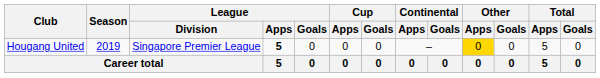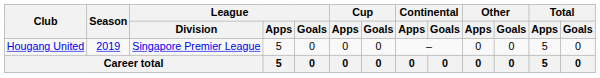 <table class="wikitable" style="text-align: center">
 <tr>
 <th rowspan="2">Club</th>
 <th rowspan="2">Season</th>
 <th colspan="3">League</th>
 <th colspan="2">Cup</th>
 <th colspan="2">Continental</th>
 <th colspan="2">Other</th>
 <th colspan="2">Total</th>
 </tr>
 <tr>
 <th>Division</th>
 <th>Apps</th>
 <th>Goals</th>
 <th>Apps</th>
 <th>Goals</th>
 <th>Apps</th>
 <th>Goals</th>
 <th>Apps</th>
 <th>Goals</th>
 <th>Apps</th>
 <th>Goals</th>
 </tr>
 <tr>
 <td><a href='#'>Hougang United</a></td>
 <td><a href='#'>2019</a></td>
 <td><a href='#'>Singapore Premier League</a></td>
-<td><strong>5</strong></td>
+<td>5</td>
 <td>0</td>
 <td>0</td>
 <td>0</td>
 <td colspan="2">–</td>
-<td style="background: gold;">0</td>
+<td>0</td>
 <td>0</td>
 <td>5</td>
 <td>0</td>
 </tr>
 <tr>
 <th colspan=3>Career total</th>
 <th>5</th>
 <th>0</th>
 <th>0</th>
 <th>0</th>
 <th>0</th>
 <th>0</th>
 <th>0</th>
 <th>0</th>
 <th>5</th>
 <th>0</th>
 </tr>
 </table>
